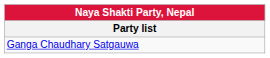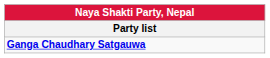 <table class="wikitable mw-collapsible mw-collapsed" role="presentation">
 <tr>
 <th style="width: 300pt; background:crimson; color: white;">Naya Shakti Party, Nepal</th>
 </tr>
 <tr>
 <th>Party list</th>
 </tr>
 <tr>
-<td><a href='#'>Ganga Chaudhary Satgauwa</a></td>
+<td><strong><a href='#'>Ganga Chaudhary Satgauwa</a></strong></td>
 </tr>
 </table>
